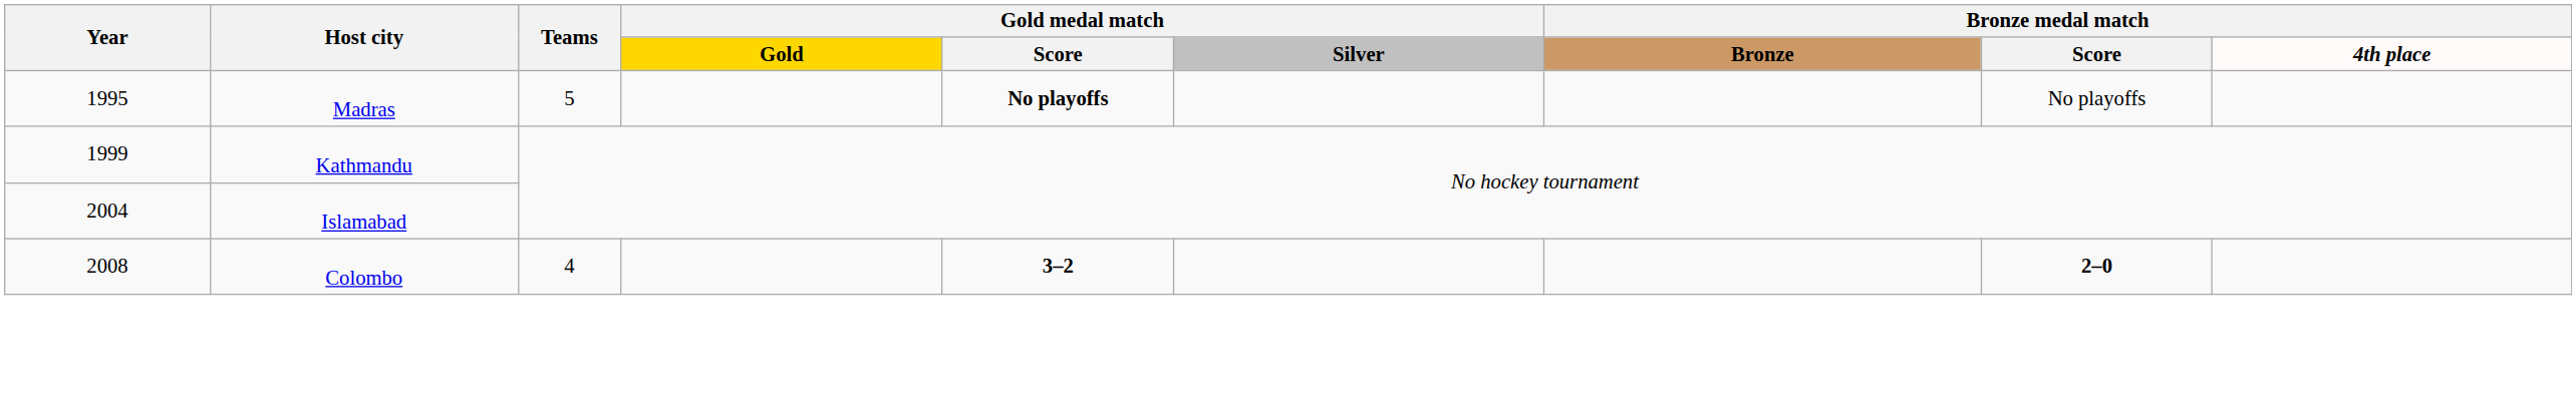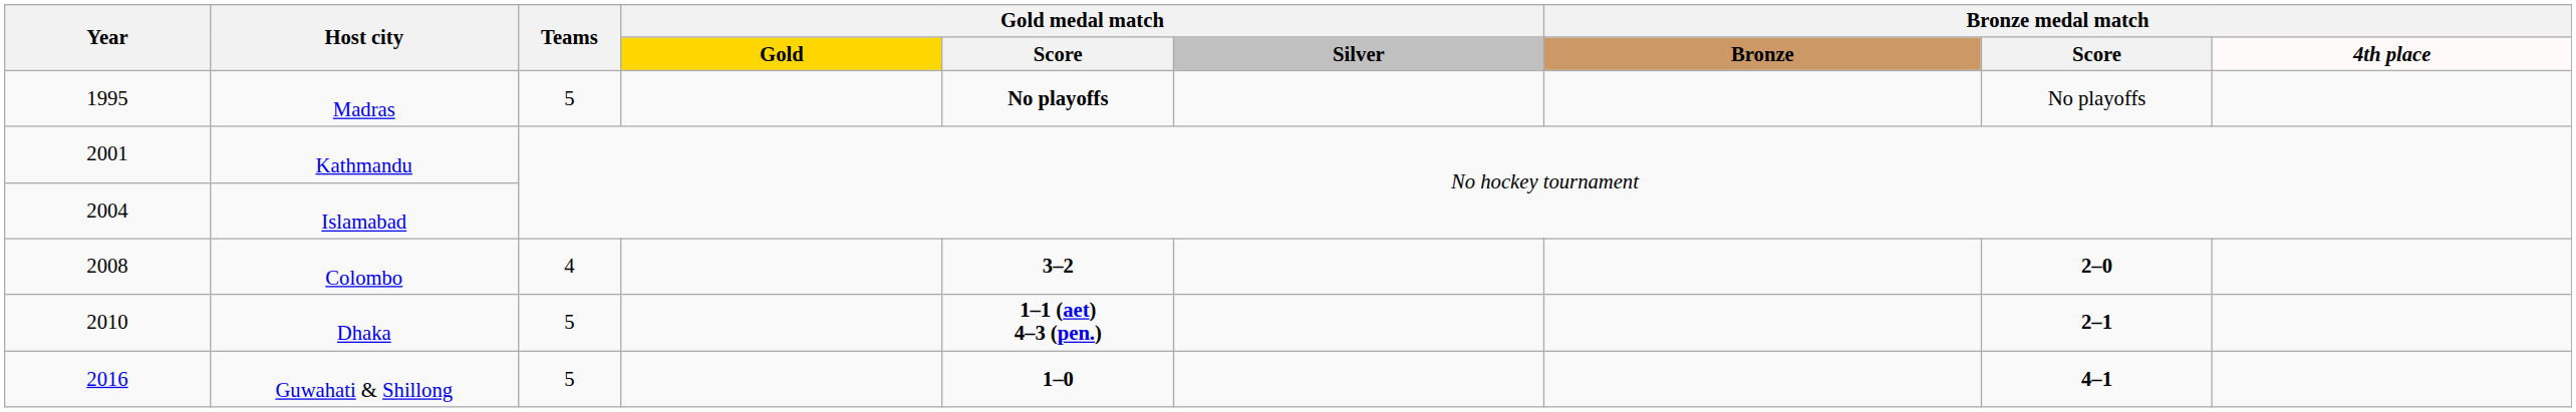 <table class="wikitable" style="font-size: 100%; text-align: center; width: 100%;">
 <tr>
 <th rowspan="2" style="width:8%;">Year</th>
 <th rowspan="2" style="width:12%;">Host city</th>
 <th rowspan="2" style="width:4%;">Teams</th>
 <th colspan="3">Gold medal match</th>
 <th colspan="3">Bronze medal match</th>
 </tr>
 <tr style="background:#efefef;">
 <td bgcolor="gold"><strong>Gold</strong></td>
 <th width=9%>Score</th>
 <td bgcolor="silver"><strong>Silver</strong></td>
 <td style="background:#c96;"><strong>Bronze</strong></td>
 <th width=9%>Score</th>
 <th style="width:14%; background:snow;"><em>4th place</em></th>
 </tr>
 <tr align=center>
 <td>1995</td>
 <td> <br> <a href='#'>Madras</a></td>
 <td>5</td>
 <td><strong></strong></td>
 <td><strong><span>No playoffs</span></strong></td>
 <td></td>
 <td></td>
 <td><span>No playoffs</span></td>
 <td></td>
 </tr>
 <tr align=center>
-<td>1999</td>
+<td>2001</td>
 <td> <br> <a href='#'>Kathmandu</a></td>
 <td rowspan="2" colspan=7><em>No hockey tournament</em></td>
 </tr>
 <tr align=center>
 <td>2004</td>
 <td> <br> <a href='#'>Islamabad</a></td>
 </tr>
 <tr align=center>
 <td>2008</td>
 <td> <br> <a href='#'>Colombo</a></td>
 <td>4</td>
 <td><strong></strong></td>
 <td><strong>3–2</strong></td>
 <td></td>
 <td></td>
 <td><strong>2–0</strong></td>
 <td></td>
 </tr>
+<tr align=center>
+<td>2010</td>
+<td> <br> <a href='#'>Dhaka</a></td>
+<td>5</td>
+<td><strong></strong></td>
+<td><strong>1–1 (<a href='#'>aet</a>)</strong> <br> <strong>4–3 (<a href='#'>pen.</a>)</strong></td>
+<td></td>
+<td></td>
+<td><strong>2–1</strong></td>
+<td></td>
+</tr>
+<tr align=center>
+<td><a href='#'>2016</a></td>
+<td> <br> <a href='#'>Guwahati</a> & <a href='#'>Shillong</a></td>
+<td>5</td>
+<td><strong></strong></td>
+<td><strong>1–0</strong></td>
+<td></td>
+<td></td>
+<td><strong>4–1</strong></td>
+<td></td>
+</tr>
 </table>
